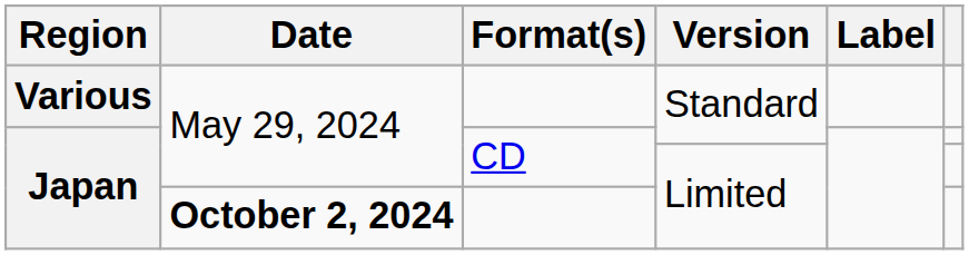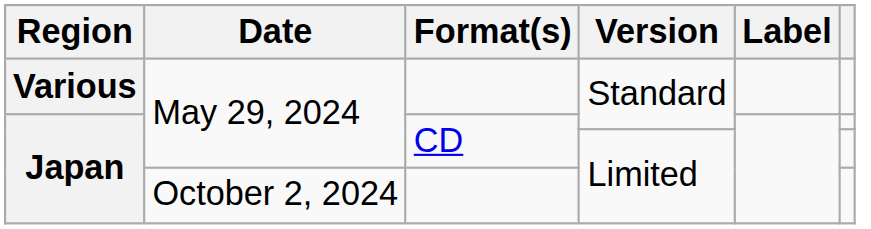 <table class="wikitable plainrowheaders">
 <tr>
 <th scope="col">Region</th>
 <th scope="col">Date</th>
 <th scope="col">Format(s)</th>
 <th scope="col">Version</th>
 <th scope="col">Label</th>
 <th scope="col"></th>
 </tr>
 <tr>
 <th scope="row">Various</th>
 <td rowspan="3">May 29, 2024</td>
 <td></td>
 <td rowspan="2">Standard</td>
 <td></td>
 <td align="center"></td>
 </tr>
 <tr>
 <th rowspan="3" scope="row">Japan</th>
 <td rowspan="2"><a href='#'>CD</a></td>
 <td rowspan="3"></td>
 <td align="center"></td>
 </tr>
 <tr>
 <td rowspan="2">Limited</td>
 <td align="center"></td>
 </tr>
 <tr>
-<td><strong>October 2, 2024</strong></td>
+<td>October 2, 2024</td>
 <td></td>
 <td align="center"></td>
 </tr>
 </table>
